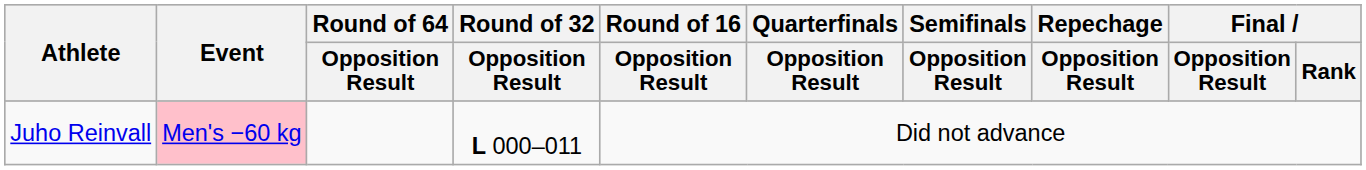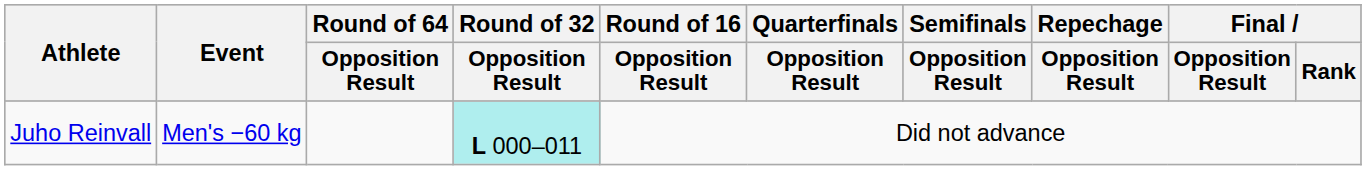 <table class="wikitable" style="font-size:90%">
 <tr>
 <th rowspan="2">Athlete</th>
 <th rowspan="2">Event</th>
 <th>Round of 64</th>
 <th>Round of 32</th>
 <th>Round of 16</th>
 <th>Quarterfinals</th>
 <th>Semifinals</th>
 <th>Repechage</th>
 <th colspan=2>Final / </th>
 </tr>
 <tr style="font-size:95%">
 <th>Opposition<br>Result</th>
 <th>Opposition<br>Result</th>
 <th>Opposition<br>Result</th>
 <th>Opposition<br>Result</th>
 <th>Opposition<br>Result</th>
 <th>Opposition<br>Result</th>
 <th>Opposition<br>Result</th>
 <th>Rank</th>
 </tr>
 <tr align=center>
 <td align=left><a href='#'>Juho Reinvall</a></td>
-<td align=left style="background: pink;"><a href='#'>Men's −60 kg</a></td>
+<td align=left><a href='#'>Men's −60 kg</a></td>
 <td></td>
-<td><br><strong>L</strong> 000–011</td>
+<td style="background: paleturquoise;"><br><strong>L</strong> 000–011</td>
 <td colspan=6>Did not advance</td>
 </tr>
 </table>
